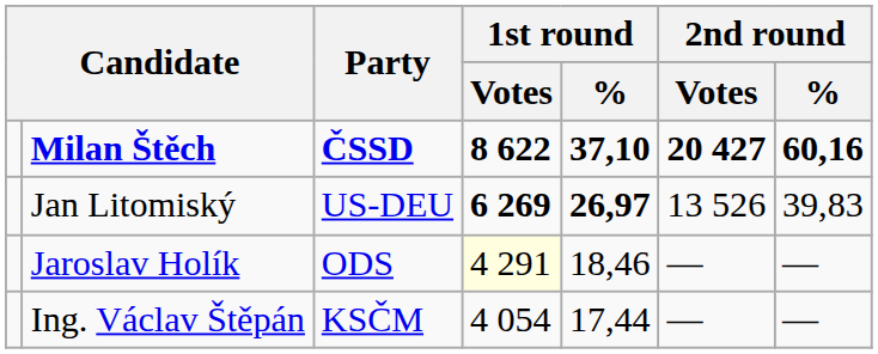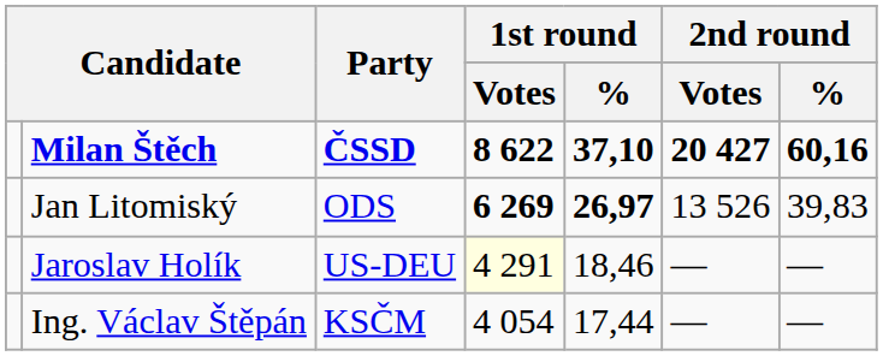 <table class="wikitable sortable">
 <tr>
 <th colspan="2" rowspan="2">Candidate</th>
 <th rowspan="2">Party</th>
 <th colspan="2">1st round</th>
 <th colspan="2">2nd round</th>
 </tr>
 <tr>
 <th>Votes</th>
 <th>%</th>
 <th>Votes</th>
 <th>%</th>
 </tr>
 <tr>
 <td style="background-color:"></td>
 <td><strong><a href='#'>Milan Štěch</a></strong></td>
 <td><a href='#'><strong>ČSSD</strong></a></td>
 <td><strong>8 622</strong></td>
 <td><strong>37,10</strong></td>
 <td><strong>20 427</strong></td>
 <td><strong>60,16</strong></td>
 </tr>
 <tr>
 <td style="background-color:"></td>
 <td>Jan Litomiský</td>
-<td><a href='#'>US-DEU</a></td>
+<td><a href='#'>ODS</a></td>
 <td><strong>6 269</strong></td>
 <td><strong>26,97</strong></td>
 <td>13 526</td>
 <td>39,83</td>
 </tr>
 <tr>
 <td style="background-color:"></td>
 <td><a href='#'>Jaroslav Holík</a></td>
-<td><a href='#'>ODS</a></td>
+<td><a href='#'>US-DEU</a></td>
 <td style="background: lightyellow;">4 291</td>
 <td>18,46</td>
 <td>—</td>
 <td>—</td>
 </tr>
 <tr>
 <td style="background-color:"></td>
 <td>Ing. <a href='#'>Václav Štěpán</a></td>
 <td><a href='#'>KSČM</a></td>
 <td>4 054</td>
 <td>17,44</td>
 <td>—</td>
 <td>—</td>
 </tr>
 </table>
